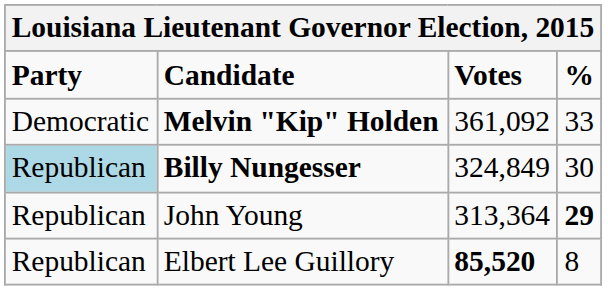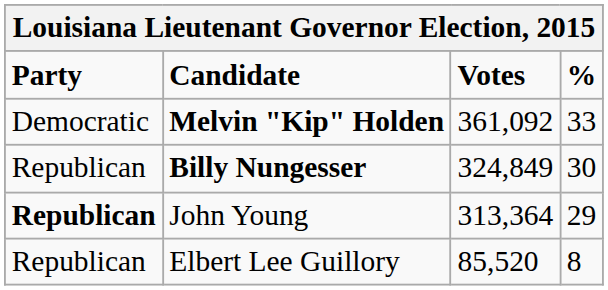 <table class="wikitable">
 <tr>
 <th colspan="4">Louisiana Lieutenant Governor Election, 2015</th>
 </tr>
 <tr>
 <td><strong>Party</strong></td>
 <td><strong>Candidate</strong></td>
 <td><strong>Votes</strong></td>
 <td><strong>%</strong></td>
 </tr>
 <tr>
 <td>Democratic</td>
 <td><strong>Melvin "Kip" Holden</strong></td>
 <td>361,092</td>
 <td>33</td>
 </tr>
 <tr>
-<td style="background: lightblue;">Republican</td>
+<td>Republican</td>
 <td><strong>Billy Nungesser</strong></td>
 <td>324,849</td>
 <td>30</td>
 </tr>
 <tr>
-<td>Republican</td>
+<td><strong>Republican</strong></td>
 <td>John Young</td>
 <td>313,364</td>
-<td><strong>29</strong></td>
+<td>29</td>
 </tr>
 <tr>
 <td>Republican</td>
 <td>Elbert Lee Guillory</td>
-<td><strong>85,520</strong></td>
+<td>85,520</td>
 <td>8</td>
 </tr>
 </table>
